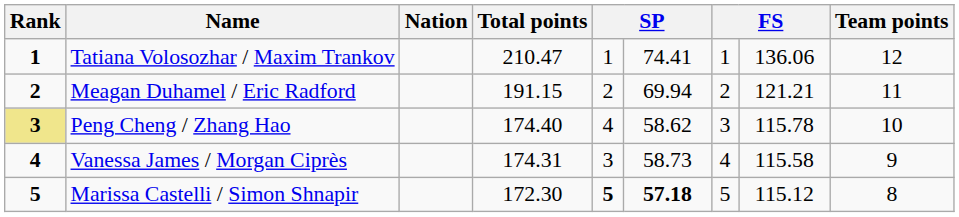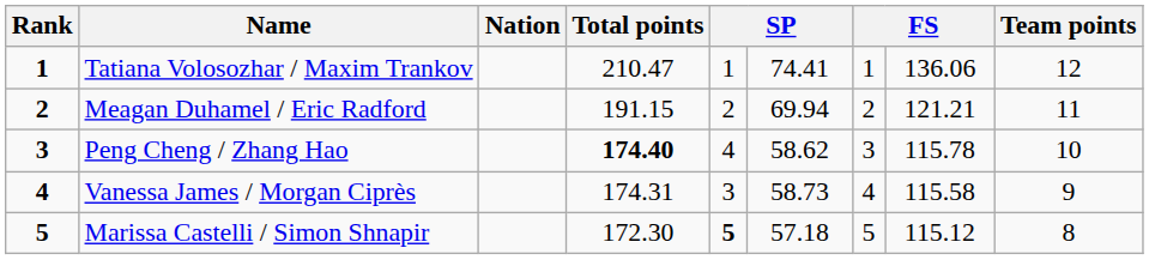 <table class="wikitable sortable">
 <tr>
 <th>Rank</th>
 <th>Name</th>
 <th>Nation</th>
 <th>Total points</th>
 <th colspan="2" width="80px"><a href='#'>SP</a></th>
 <th colspan="2" width="80px"><a href='#'>FS</a></th>
 <th>Team points</th>
 </tr>
 <tr>
 <td style="text-align: center;"><strong>1</strong></td>
 <td><a href='#'>Tatiana Volosozhar</a> / <a href='#'>Maxim Trankov</a></td>
 <td></td>
 <td style="text-align: center;">210.47</td>
 <td style="text-align: center;">1</td>
 <td style="text-align: center;">74.41</td>
 <td style="text-align: center;">1</td>
 <td style="text-align: center;">136.06</td>
 <td style="text-align: center;">12</td>
 </tr>
 <tr>
 <td style="text-align: center;"><strong>2</strong></td>
 <td><a href='#'>Meagan Duhamel</a> / <a href='#'>Eric Radford</a></td>
 <td></td>
 <td style="text-align: center;">191.15</td>
 <td style="text-align: center;">2</td>
 <td style="text-align: center;">69.94</td>
 <td style="text-align: center;">2</td>
 <td style="text-align: center;">121.21</td>
 <td style="text-align: center;">11</td>
 </tr>
 <tr>
-<td style="background: khaki; text-align: center;"><strong>3</strong></td>
+<td style="text-align: center;"><strong>3</strong></td>
 <td><a href='#'>Peng Cheng</a> / <a href='#'>Zhang Hao</a></td>
 <td></td>
-<td style="text-align: center;">174.40</td>
+<td style="text-align: center;"><strong>174.40</strong></td>
 <td style="text-align: center;">4</td>
 <td style="text-align: center;">58.62</td>
 <td style="text-align: center;">3</td>
 <td style="text-align: center;">115.78</td>
 <td style="text-align: center;">10</td>
 </tr>
 <tr>
 <td style="text-align: center;"><strong>4</strong></td>
 <td><a href='#'>Vanessa James</a> / <a href='#'>Morgan Ciprès</a></td>
 <td></td>
 <td style="text-align: center;">174.31</td>
 <td style="text-align: center;">3</td>
 <td style="text-align: center;">58.73</td>
 <td style="text-align: center;">4</td>
 <td style="text-align: center;">115.58</td>
 <td style="text-align: center;">9</td>
 </tr>
 <tr>
 <td style="text-align: center;"><strong>5</strong></td>
 <td><a href='#'>Marissa Castelli</a> / <a href='#'>Simon Shnapir</a></td>
 <td></td>
 <td style="text-align: center;">172.30</td>
 <td style="text-align: center;"><strong>5</strong></td>
-<td style="text-align: center;"><strong>57.18</strong></td>
+<td style="text-align: center;">57.18</td>
 <td style="text-align: center;">5</td>
 <td style="text-align: center;">115.12</td>
 <td style="text-align: center;">8</td>
 </tr>
 </table>
